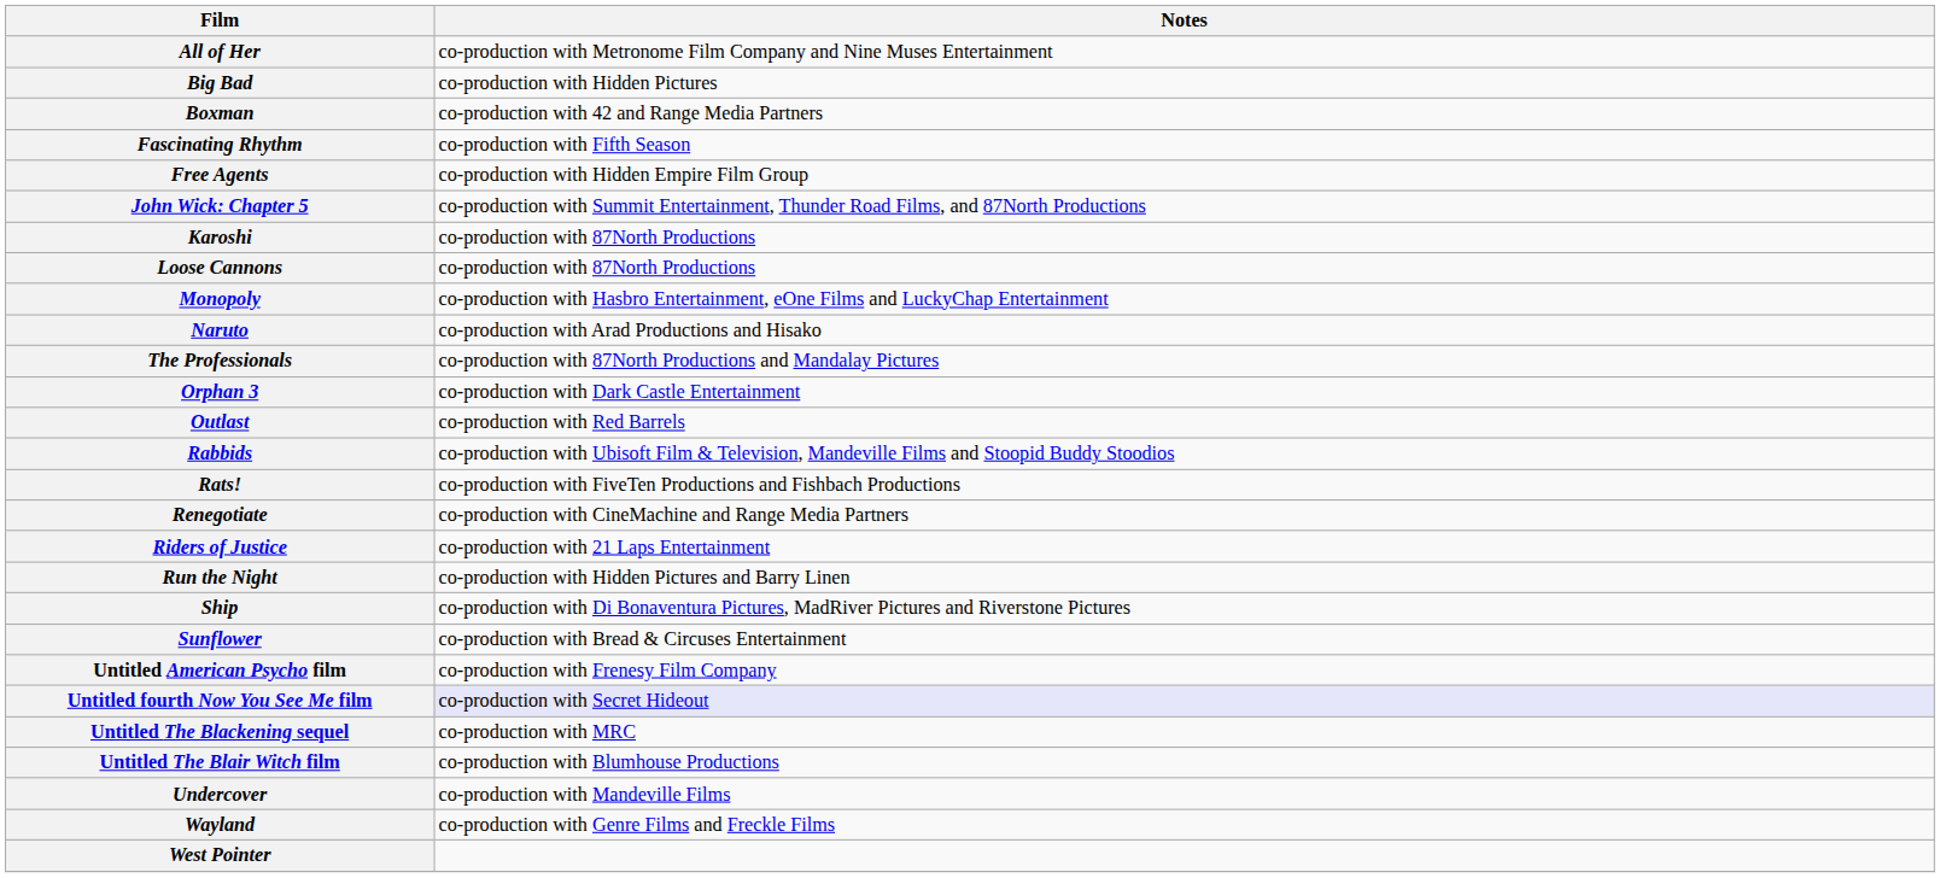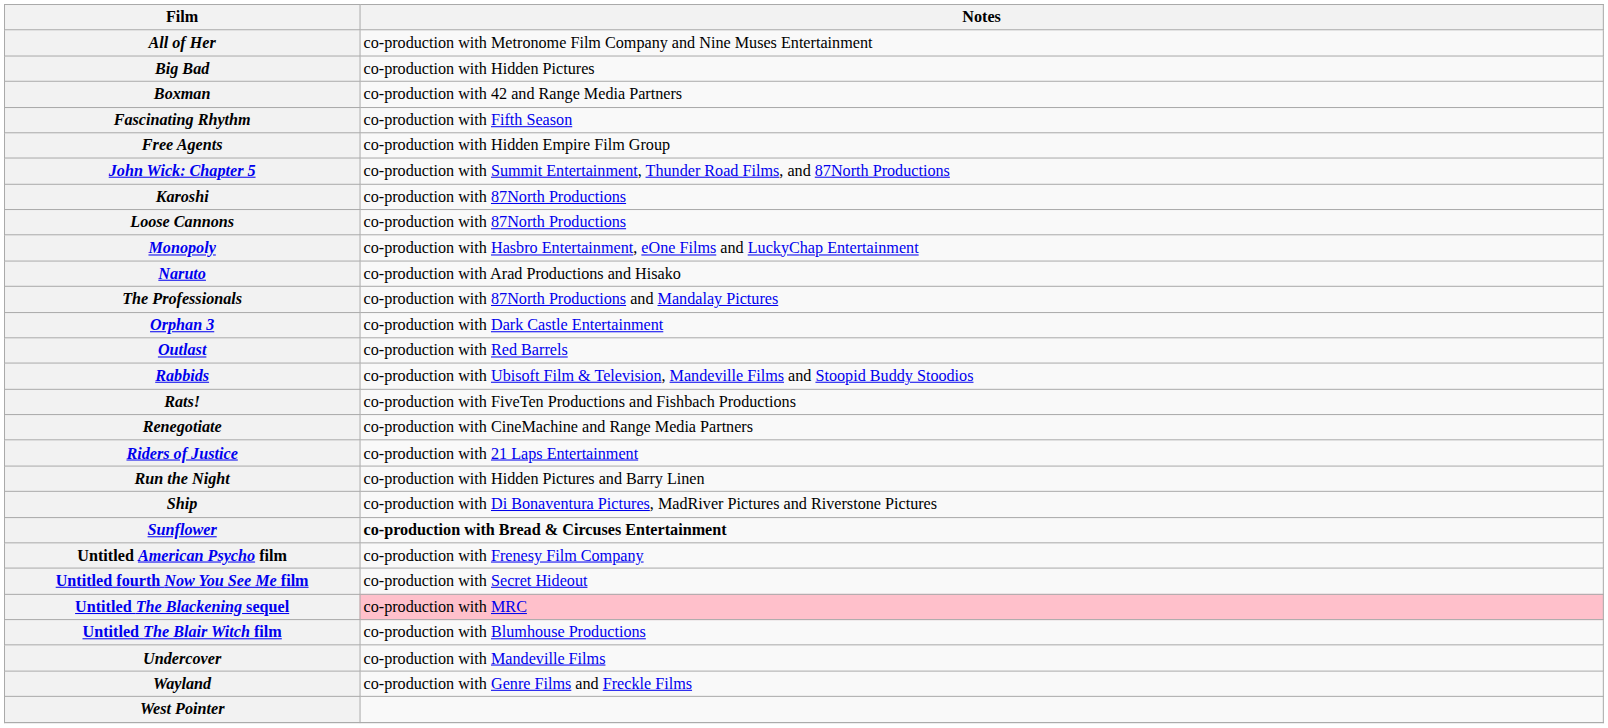 <table class="wikitable plainrowheaders sortable" style="width:100%;">
 <tr>
 <th style="width:20%;">Film</th>
 <th style="width:70%;">Notes</th>
 </tr>
 <tr>
 <th scope="row"><em>All of Her</em></th>
 <td>co-production with Metronome Film Company and Nine Muses Entertainment</td>
 </tr>
 <tr>
 <th scope="row"><em>Big Bad</em></th>
 <td>co-production with Hidden Pictures</td>
 </tr>
 <tr>
 <th scope="row"><em>Boxman</em></th>
 <td>co-production with 42 and Range Media Partners</td>
 </tr>
 <tr>
 <th scope="row"><em>Fascinating Rhythm</em></th>
 <td>co-production with <a href='#'>Fifth Season</a></td>
 </tr>
 <tr>
 <th scope="row"><em>Free Agents</em></th>
 <td>co-production with Hidden Empire Film Group</td>
 </tr>
 <tr>
 <th scope="row"><em><a href='#'>John Wick: Chapter 5</a></em></th>
 <td>co-production with <a href='#'>Summit Entertainment</a>, <a href='#'>Thunder Road Films</a>, and <a href='#'>87North Productions</a></td>
 </tr>
 <tr>
 <th scope="row"><em>Karoshi</em></th>
 <td>co-production with <a href='#'>87North Productions</a></td>
 </tr>
 <tr>
 <th scope="row"><em>Loose Cannons</em></th>
 <td>co-production with <a href='#'>87North Productions</a></td>
 </tr>
 <tr>
 <th scope="row"><em><a href='#'>Monopoly</a></em></th>
 <td>co-production with <a href='#'>Hasbro Entertainment</a>, <a href='#'>eOne Films</a> and <a href='#'>LuckyChap Entertainment</a></td>
 </tr>
 <tr>
 <th scope="row"><em><a href='#'>Naruto</a></em></th>
 <td>co-production with Arad Productions and Hisako</td>
 </tr>
 <tr>
 <th scope="row"><em>The Professionals</em></th>
 <td>co-production with <a href='#'>87North Productions</a> and <a href='#'>Mandalay Pictures</a></td>
 </tr>
 <tr>
 <th scope="row"><em><a href='#'>Orphan 3</a></em></th>
 <td>co-production with <a href='#'>Dark Castle Entertainment</a></td>
 </tr>
 <tr>
 <th scope="row"><em><a href='#'>Outlast</a></em></th>
 <td>co-production with <a href='#'>Red Barrels</a></td>
 </tr>
 <tr>
 <th scope="row"><em><a href='#'>Rabbids</a></em></th>
 <td>co-production with <a href='#'>Ubisoft Film & Television</a>, <a href='#'>Mandeville Films</a> and <a href='#'>Stoopid Buddy Stoodios</a></td>
 </tr>
 <tr>
 <th scope="row"><em>Rats!</em></th>
 <td>co-production with FiveTen Productions and Fishbach Productions</td>
 </tr>
 <tr>
 <th scope="row"><em>Renegotiate</em></th>
 <td>co-production with CineMachine and Range Media Partners</td>
 </tr>
 <tr>
 <th scope="row"><em><a href='#'>Riders of Justice</a></em></th>
 <td>co-production with <a href='#'>21 Laps Entertainment</a></td>
 </tr>
 <tr>
 <th scope="row"><em>Run the Night</em></th>
 <td>co-production with Hidden Pictures and Barry Linen</td>
 </tr>
 <tr>
 <th scope="row"><em>Ship</em></th>
 <td>co-production with <a href='#'>Di Bonaventura Pictures</a>, MadRiver Pictures and Riverstone Pictures</td>
 </tr>
 <tr>
 <th scope="row"><em><a href='#'>Sunflower</a></em></th>
-<td>co-production with Bread & Circuses Entertainment</td>
+<td><strong>co-production with Bread & Circuses Entertainment</strong></td>
 </tr>
 <tr>
 <th scope="row">Untitled <em><a href='#'>American Psycho</a></em> film</th>
 <td>co-production with <a href='#'>Frenesy Film Company</a></td>
 </tr>
 <tr>
 <th scope="row"><a href='#'>Untitled fourth <em>Now You See Me</em> film</a></th>
-<td style="background: lavender;">co-production with <a href='#'>Secret Hideout</a></td>
+<td>co-production with <a href='#'>Secret Hideout</a></td>
 </tr>
 <tr>
 <th scope="row"><a href='#'>Untitled <em>The Blackening</em> sequel</a></th>
-<td>co-production with <a href='#'>MRC</a></td>
+<td style="background: pink;">co-production with <a href='#'>MRC</a></td>
 </tr>
 <tr>
 <th scope="row"><a href='#'>Untitled <em>The Blair Witch</em> film</a></th>
 <td>co-production with <a href='#'>Blumhouse Productions</a></td>
 </tr>
 <tr>
 <th scope="row"><em>Undercover</em></th>
 <td>co-production with <a href='#'>Mandeville Films</a></td>
 </tr>
 <tr>
 <th scope="row"><em>Wayland</em></th>
 <td>co-production with <a href='#'>Genre Films</a> and <a href='#'>Freckle Films</a></td>
 </tr>
 <tr>
 <th scope="row"><em>West Pointer</em></th>
 <td></td>
 </tr>
 <tr>
 </tr>
 </table>
